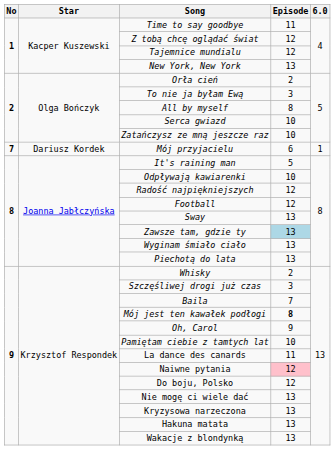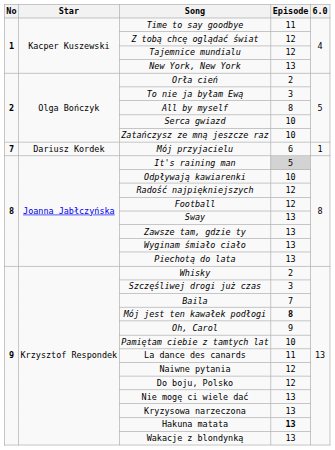 <table class="wikitable">
 <tr>
 <th>No</th>
 <th>Star</th>
 <th>Song</th>
 <th>Episode</th>
 <th>6.0</th>
 </tr>
 <tr -->
 <td align="center" rowspan="4"><strong>1</strong></td>
 <td align="center" rowspan="4">Kacper Kuszewski</td>
 <td align="center"><em>Time to say goodbye</em></td>
 <td align="center">11</td>
 <td align="center" rowspan="4">4</td>
 </tr>
 <tr>
 <td align="center"><em>Z tobą chcę oglądać świat</em></td>
 <td align="center">12</td>
 </tr>
 <tr>
 <td align="center"><em>Tajemnice mundialu</em></td>
 <td align="center">12</td>
 </tr>
 <tr>
 <td align="center"><em>New York, New York</em></td>
 <td align="center">13</td>
 </tr>
 <tr -->
 <td align="center" rowspan="5"><strong>2</strong></td>
 <td align="center" rowspan="5">Olga Bończyk</td>
 <td align="center"><em>Orła cień</em></td>
 <td align="center">2</td>
 <td align="center" rowspan="5">5</td>
 </tr>
 <tr>
 <td align="center"><em>To nie ja byłam Ewą</em></td>
 <td align="center">3</td>
 </tr>
 <tr>
 <td align="center"><em>All by myself</em></td>
 <td align="center">8</td>
 </tr>
 <tr>
 <td align="center"><em>Serca gwiazd</em></td>
 <td align="center">10</td>
 </tr>
 <tr>
 <td align="center"><em>Zatańczysz ze mną jeszcze raz</em></td>
 <td align="center">10</td>
 </tr>
 <tr -->
 <td align="center" rowspan="1"><strong>7</strong></td>
 <td align="center" rowspan="1">Dariusz Kordek</td>
 <td align="center"><em>Mój przyjacielu</em></td>
 <td align="center">6</td>
 <td align="center" rowspan="1">1</td>
 </tr>
 <tr -->
 <td align="center" rowspan="8"><strong>8</strong></td>
 <td align="center" rowspan="8"><a href='#'>Joanna Jabłczyńska</a></td>
 <td align="center"><em>It's raining man</em></td>
-<td align="center">5</td>
+<td align="center" style="background: lightgrey;">5</td>
 <td align="center" rowspan="8">8</td>
 </tr>
 <tr>
 <td align="center"><em>Odpływają kawiarenki</em></td>
 <td align="center">10</td>
 </tr>
 <tr>
 <td align="center"><em>Radość najpiękniejszych</em></td>
 <td align="center">12</td>
 </tr>
 <tr>
 <td align="center"><em>Football</em></td>
 <td align="center">12</td>
 </tr>
 <tr>
 <td align="center"><em>Sway</em></td>
 <td align="center">13</td>
 </tr>
 <tr>
 <td align="center"><em>Zawsze tam, gdzie ty</em></td>
-<td align="center" style="background: lightblue;">13</td>
+<td align="center">13</td>
 </tr>
 <tr>
 <td align="center"><em>Wyginam śmiało ciało</em></td>
 <td align="center">13</td>
 </tr>
 <tr>
 <td align="center"><em>Piechotą do lata</em></td>
 <td align="center">13</td>
 </tr>
 <tr -->
 <td align="center" rowspan="13"><strong>9</strong></td>
 <td align="center" rowspan="13">Krzysztof Respondek</td>
 <td align="center"><em>Whisky</em></td>
 <td align="center">2</td>
 <td align="center" rowspan="13">13</td>
 </tr>
 <tr>
 <td align="center"><em>Szczęśliwej drogi już czas</em></td>
 <td align="center">3</td>
 </tr>
 <tr>
 <td align="center"><em>Baila</em></td>
 <td align="center">7</td>
 </tr>
 <tr>
 <td align="center"><em>Mój jest ten kawałek podłogi</em></td>
 <td align="center"><strong>8</strong></td>
 </tr>
 <tr>
 <td align="center"><em>Oh, Carol</em></td>
 <td align="center">9</td>
 </tr>
 <tr>
 <td align="center"><em>Pamiętam ciebie z tamtych lat<strong></td>
 <td align="center">10</td>
 </tr>
 <tr>
 <td align="center"></em>La dance des canards<em></td>
 <td align="center">11</td>
 </tr>
 <tr>
 <td align="center"></em>Naiwne pytania<em></td>
-<td align="center" style="background: pink;">12</td>
+<td align="center">12</td>
 </tr>
 <tr>
 <td align="center"></em>Do boju, Polsko<em></td>
 <td align="center">12</td>
 </tr>
 <tr>
 <td align="center"></em>Nie mogę ci wiele dać<em></td>
 <td align="center">13</td>
 </tr>
 <tr>
 <td align="center"></em>Kryzysowa narzeczona<em></td>
 <td align="center">13</td>
 </tr>
 <tr>
 <td align="center"></em>Hakuna matata<em></td>
-<td align="center">13</td>
+<td align="center"><strong>13</strong></td>
 </tr>
 <tr>
 <td align="center"></em>Wakacje z blondynką<em></td>
 <td align="center">13</td>
 </tr>
 </table>
